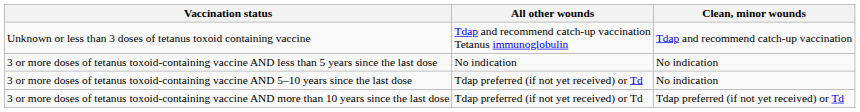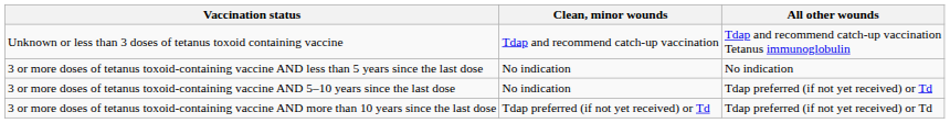 <table class="wikitable">
 <tr>
 <th>Vaccination status</th>
+<th>Clean, minor wounds</th>
 <th>All other wounds</th>
-<th>Clean, minor wounds</th>
 </tr>
 <tr>
 <td>Unknown or less than 3 doses of tetanus toxoid containing vaccine</td>
+<td><a href='#'>Tdap</a> and recommend catch-up vaccination</td>
 <td><a href='#'>Tdap</a> and recommend catch-up vaccination<br> Tetanus <a href='#'>immunoglobulin</a></td>
-<td><a href='#'>Tdap</a> and recommend catch-up vaccination</td>
 </tr>
 <tr>
 <td>3 or more doses of tetanus toxoid-containing vaccine AND less than 5 years since the last dose</td>
 <td>No indication</td>
 <td>No indication</td>
 </tr>
 <tr>
 <td>3 or more doses of tetanus toxoid-containing vaccine AND 5–10 years since the last dose</td>
+<td>No indication</td>
 <td>Tdap preferred (if not yet received) or <a href='#'>Td</a></td>
-<td>No indication</td>
 </tr>
 <tr>
 <td>3 or more doses of tetanus toxoid-containing vaccine AND more than 10 years since the last dose</td>
+<td>Tdap preferred (if not yet received) or <a href='#'>Td</a></td>
 <td>Tdap preferred (if not yet received) or Td</td>
-<td>Tdap preferred (if not yet received) or <a href='#'>Td</a></td>
 </tr>
 </table>
